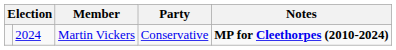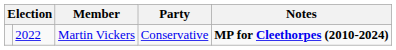 <table class="wikitable">
 <tr>
 <th colspan="2">Election</th>
 <th>Member</th>
 <th>Party</th>
 <th>Notes</th>
 </tr>
 <tr>
 <td style="color:inherit;background: "></td>
-<td><a href='#'>2024</a></td>
+<td><a href='#'>2022</a></td>
 <td><a href='#'>Martin Vickers</a></td>
 <td><a href='#'>Conservative</a></td>
 <td><strong>MP for <a href='#'>Cleethorpes</a> (2010-2024)</strong></td>
 </tr>
 </table>
